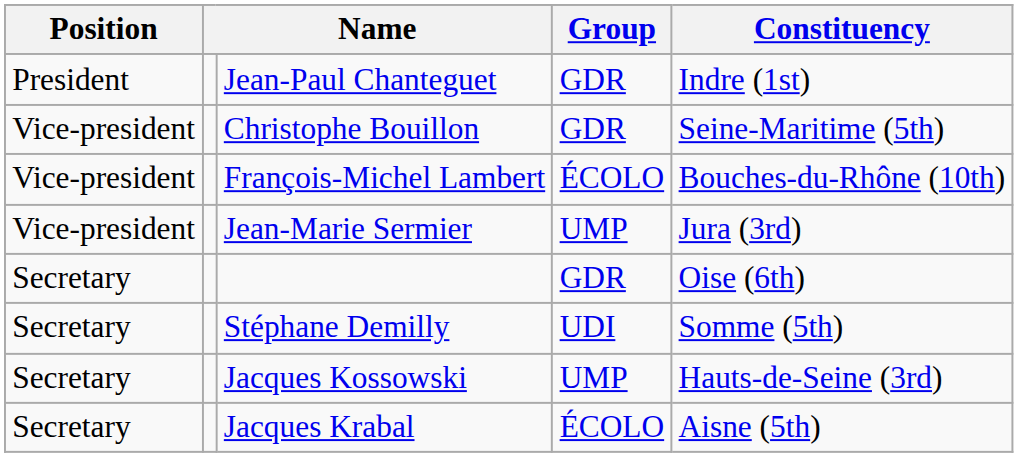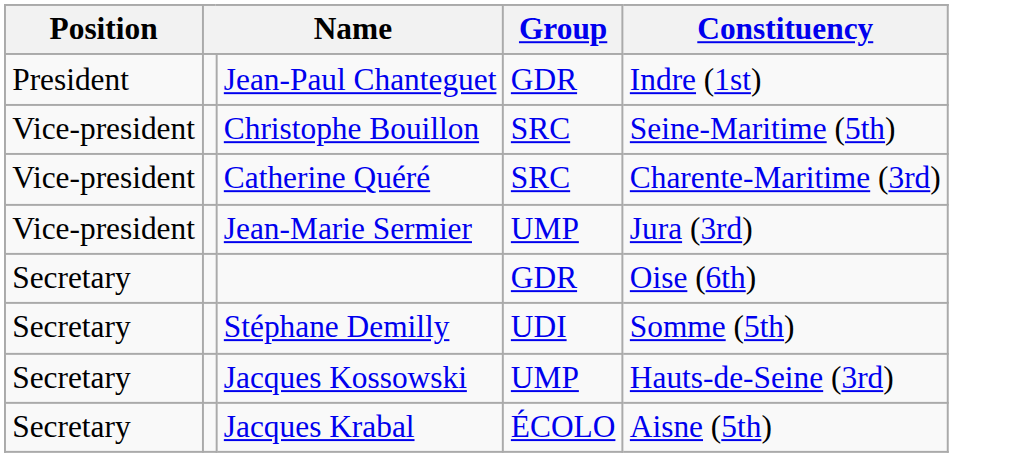 <table class="wikitable">
 <tr>
 <th>Position</th>
 <th colspan="2">Name</th>
 <th><a href='#'>Group</a></th>
 <th><a href='#'>Constituency</a></th>
 </tr>
 <tr>
 <td>President</td>
 <td style="background:"></td>
 <td><a href='#'>Jean-Paul Chanteguet</a></td>
 <td><a href='#'>GDR</a></td>
 <td><a href='#'>Indre</a> (<a href='#'>1st</a>)</td>
 </tr>
 <tr>
 <td>Vice-president</td>
 <td style="background:"></td>
 <td><a href='#'>Christophe Bouillon</a></td>
-<td><a href='#'>GDR</a></td>
+<td><a href='#'>SRC</a></td>
 <td><a href='#'>Seine-Maritime</a> (<a href='#'>5th</a>)</td>
 </tr>
 <tr>
 <td>Vice-president</td>
 <td style="background:"></td>
-<td><a href='#'>François-Michel Lambert</a></td>
-<td><a href='#'>ÉCOLO</a></td>
-<td><a href='#'>Bouches-du-Rhône</a> (<a href='#'>10th</a>)</td>
+<td><a href='#'>Catherine Quéré</a></td>
+<td><a href='#'>SRC</a></td>
+<td><a href='#'>Charente-Maritime</a> (<a href='#'>3rd</a>)</td>
 </tr>
 <tr>
 <td>Vice-president</td>
 <td style="background:"></td>
 <td><a href='#'>Jean-Marie Sermier</a></td>
 <td><a href='#'>UMP</a></td>
 <td><a href='#'>Jura</a> (<a href='#'>3rd</a>)</td>
 </tr>
 <tr>
 <td>Secretary</td>
 <td style="background:"></td>
 <td></td>
 <td><a href='#'>GDR</a></td>
 <td><a href='#'>Oise</a> (<a href='#'>6th</a>)</td>
 </tr>
 <tr>
 <td>Secretary</td>
 <td style="background:"></td>
 <td><a href='#'>Stéphane Demilly</a></td>
 <td><a href='#'>UDI</a></td>
 <td><a href='#'>Somme</a> (<a href='#'>5th</a>)</td>
 </tr>
 <tr>
 <td>Secretary</td>
 <td style="background:"></td>
 <td><a href='#'>Jacques Kossowski</a></td>
 <td><a href='#'>UMP</a></td>
 <td><a href='#'>Hauts-de-Seine</a> (<a href='#'>3rd</a>)</td>
 </tr>
 <tr>
 <td>Secretary</td>
 <td style="background:"></td>
 <td><a href='#'>Jacques Krabal</a></td>
 <td><a href='#'>ÉCOLO</a></td>
 <td><a href='#'>Aisne</a> (<a href='#'>5th</a>)</td>
 </tr>
 </table>
